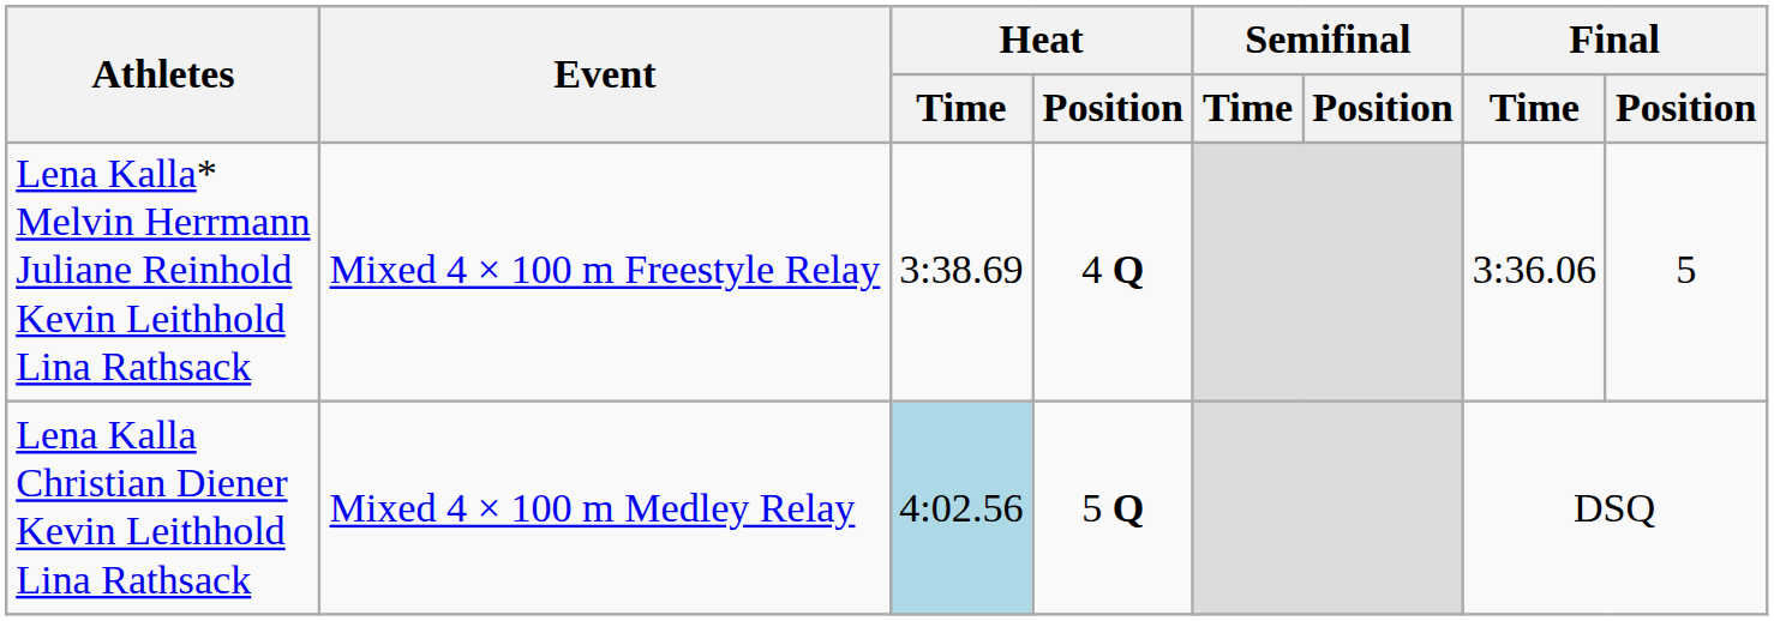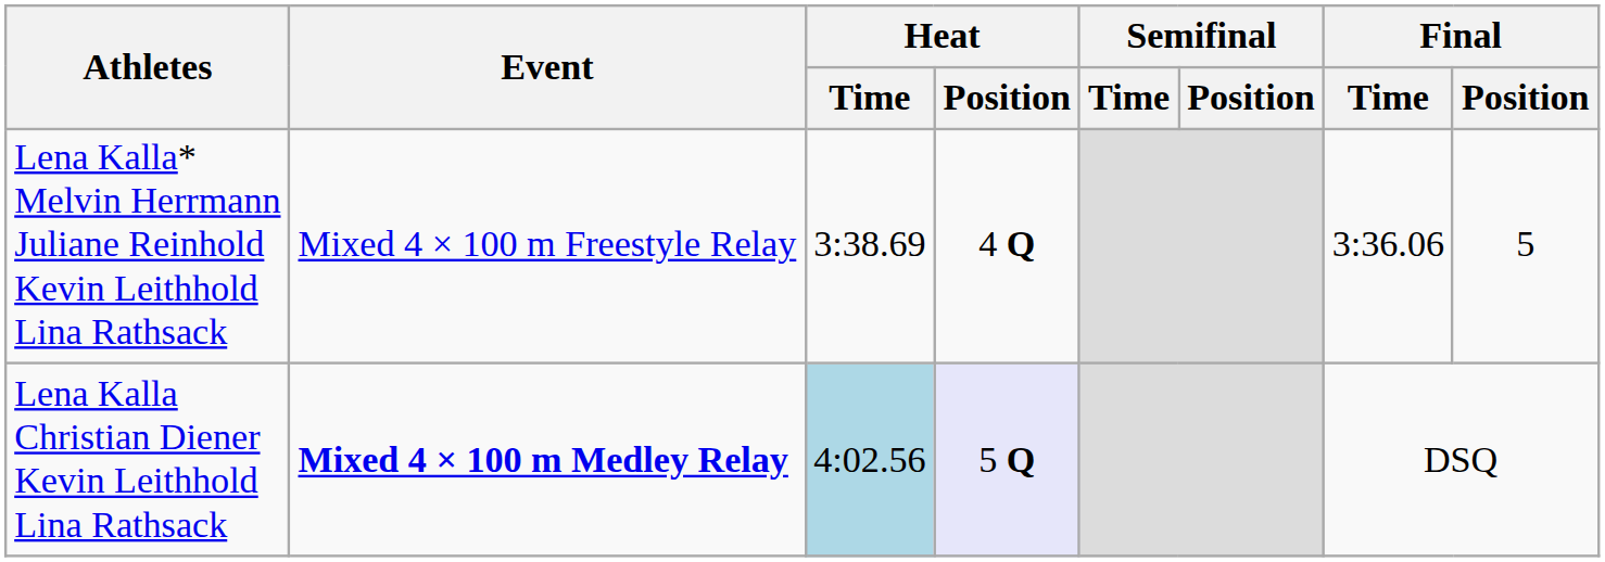 <table class="wikitable" border="1" style="font-size:90%">
 <tr>
 <th rowspan=2>Athletes</th>
 <th rowspan=2>Event</th>
 <th colspan=2>Heat</th>
 <th colspan=2>Semifinal</th>
 <th colspan=2>Final</th>
 </tr>
 <tr>
 <th>Time</th>
 <th>Position</th>
 <th>Time</th>
 <th>Position</th>
 <th>Time</th>
 <th>Position</th>
 </tr>
 <tr>
 <td><a href='#'>Lena Kalla</a>*<br><a href='#'>Melvin Herrmann</a><br><a href='#'>Juliane Reinhold</a><br><a href='#'>Kevin Leithhold</a><br><a href='#'>Lina Rathsack</a></td>
 <td><a href='#'>Mixed 4 × 100 m Freestyle Relay</a></td>
 <td align=center>3:38.69</td>
 <td align=center>4 <strong>Q</strong></td>
 <td colspan=2 bgcolor=#DCDCDC></td>
 <td align=center>3:36.06</td>
 <td align=center>5</td>
 </tr>
 <tr>
 <td><a href='#'>Lena Kalla</a><br><a href='#'>Christian Diener</a><br><a href='#'>Kevin Leithhold</a><br><a href='#'>Lina Rathsack</a></td>
-<td><a href='#'>Mixed 4 × 100 m Medley Relay</a></td>
+<td><strong><a href='#'>Mixed 4 × 100 m Medley Relay</a></strong></td>
 <td align=center style="background: lightblue;">4:02.56</td>
-<td align=center>5 <strong>Q</strong></td>
+<td align=center style="background: lavender;">5 <strong>Q</strong></td>
 <td colspan=2 bgcolor=#DCDCDC></td>
 <td colspan="2" align=center>DSQ</td>
 </tr>
 </table>
